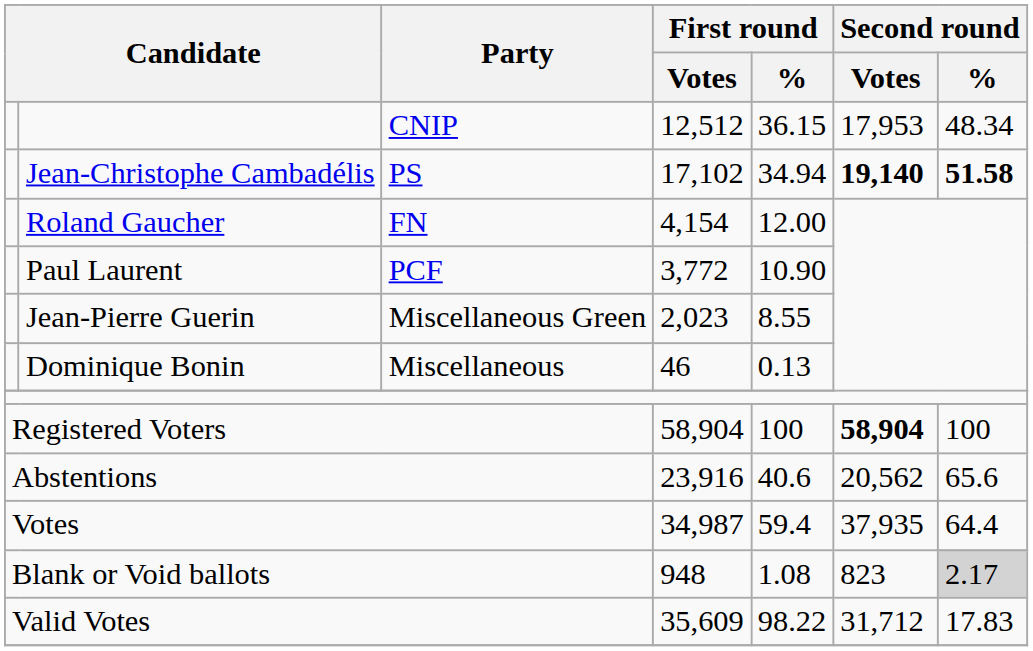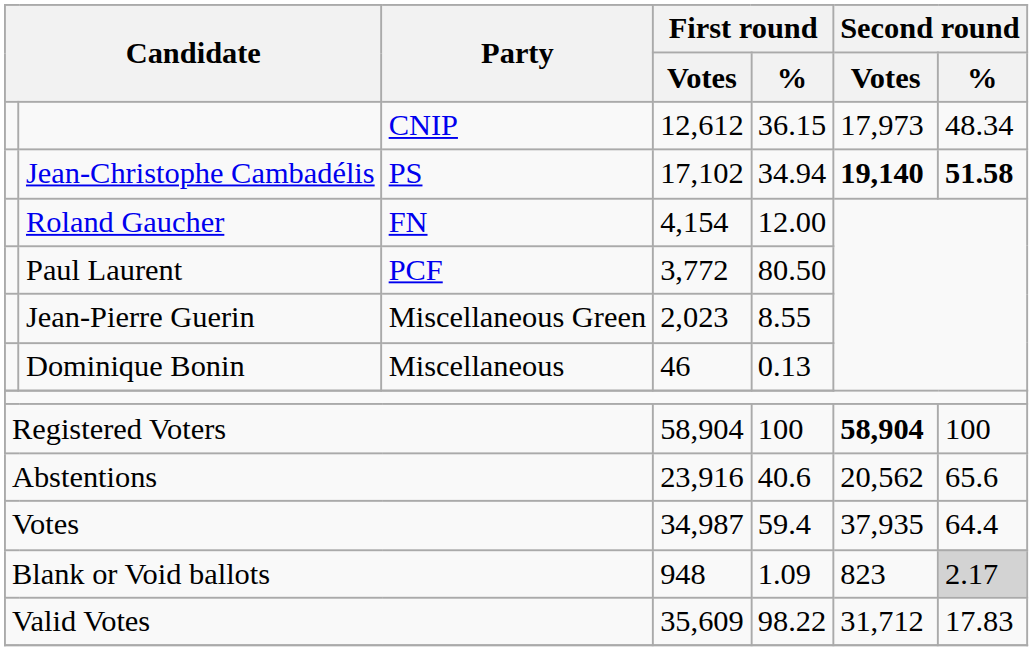 <table class="wikitable">
 <tr>
 <th colspan="2" rowspan="2">Candidate</th>
 <th rowspan="2">Party</th>
 <th colspan="2">First round</th>
 <th colspan="2">Second round</th>
 </tr>
 <tr>
 <th>Votes</th>
 <th>%</th>
 <th>Votes</th>
 <th>%</th>
 </tr>
 <tr>
 <td style="background-color:"></td>
 <td></td>
 <td><a href='#'>CNIP</a></td>
-<td>12,512</td>
+<td>12,612</td>
 <td>36.15</td>
-<td>17,953</td>
+<td>17,973</td>
 <td>48.34</td>
 </tr>
 <tr>
 <td style="background-color:"></td>
 <td><a href='#'>Jean-Christophe Cambadélis</a></td>
 <td><a href='#'>PS</a></td>
 <td>17,102</td>
 <td>34.94</td>
 <td><strong>19,140</strong></td>
 <td><strong>51.58</strong></td>
 </tr>
 <tr>
 <td style="background-color:"></td>
 <td><a href='#'>Roland Gaucher</a></td>
 <td><a href='#'>FN</a></td>
 <td>4,154</td>
 <td>12.00</td>
 </tr>
 <tr>
 <td style="background-color:"></td>
 <td>Paul Laurent</td>
 <td><a href='#'>PCF</a></td>
 <td>3,772</td>
-<td>10.90</td>
+<td>80.50</td>
 </tr>
 <tr>
 <td></td>
 <td>Jean-Pierre Guerin</td>
 <td>Miscellaneous Green</td>
 <td>2,023</td>
 <td>8.55</td>
 </tr>
 <tr>
 <td></td>
 <td>Dominique Bonin</td>
 <td>Miscellaneous</td>
 <td>46</td>
 <td>0.13</td>
 </tr>
 <tr>
 </tr>
 <tr>
 <td colspan="8"></td>
 </tr>
 <tr>
 <td colspan="3">Registered Voters</td>
 <td>58,904</td>
 <td>100</td>
 <td><strong>58,904</strong></td>
 <td>100</td>
 </tr>
 <tr>
 <td colspan="3">Abstentions</td>
 <td>23,916</td>
 <td>40.6</td>
 <td>20,562</td>
 <td>65.6</td>
 </tr>
 <tr>
 <td colspan="3">Votes</td>
 <td>34,987</td>
 <td>59.4</td>
 <td>37,935</td>
 <td>64.4</td>
 </tr>
 <tr>
 <td colspan="3">Blank or Void ballots</td>
 <td>948</td>
-<td>1.08</td>
+<td>1.09</td>
 <td>823</td>
 <td style="background: lightgrey;">2.17</td>
 </tr>
 <tr>
 <td colspan="3">Valid Votes</td>
 <td>35,609</td>
 <td>98.22</td>
 <td>31,712</td>
 <td>17.83</td>
 </tr>
 <tr>
 </tr>
 </table>
